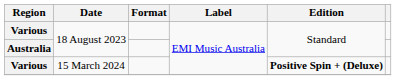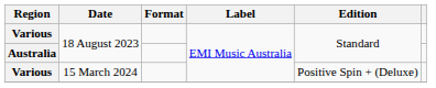 <table class="wikitable plainrowheaders" style="text-align:center;">
 <tr>
 <th>Region</th>
 <th>Date</th>
 <th>Format</th>
 <th>Label</th>
 <th>Edition</th>
 <th></th>
 </tr>
 <tr>
 <th scope="row">Various</th>
 <td rowspan="2">18 August 2023</td>
 <td></td>
 <td rowspan="3"><a href='#'>EMI Music Australia</a></td>
 <td rowspan="2">Standard</td>
 <td></td>
 </tr>
 <tr>
 <th scope="row">Australia</th>
 <td></td>
 <td></td>
 </tr>
 <tr>
 <th scope="row">Various</th>
 <td rowspan="1">15 March 2024</td>
 <td></td>
-<td rowspan="1"><strong>Positive Spin + (Deluxe)</strong></td>
+<td rowspan="1">Positive Spin + (Deluxe)</td>
 <td></td>
 </tr>
 <tr>
 </tr>
 </table>
